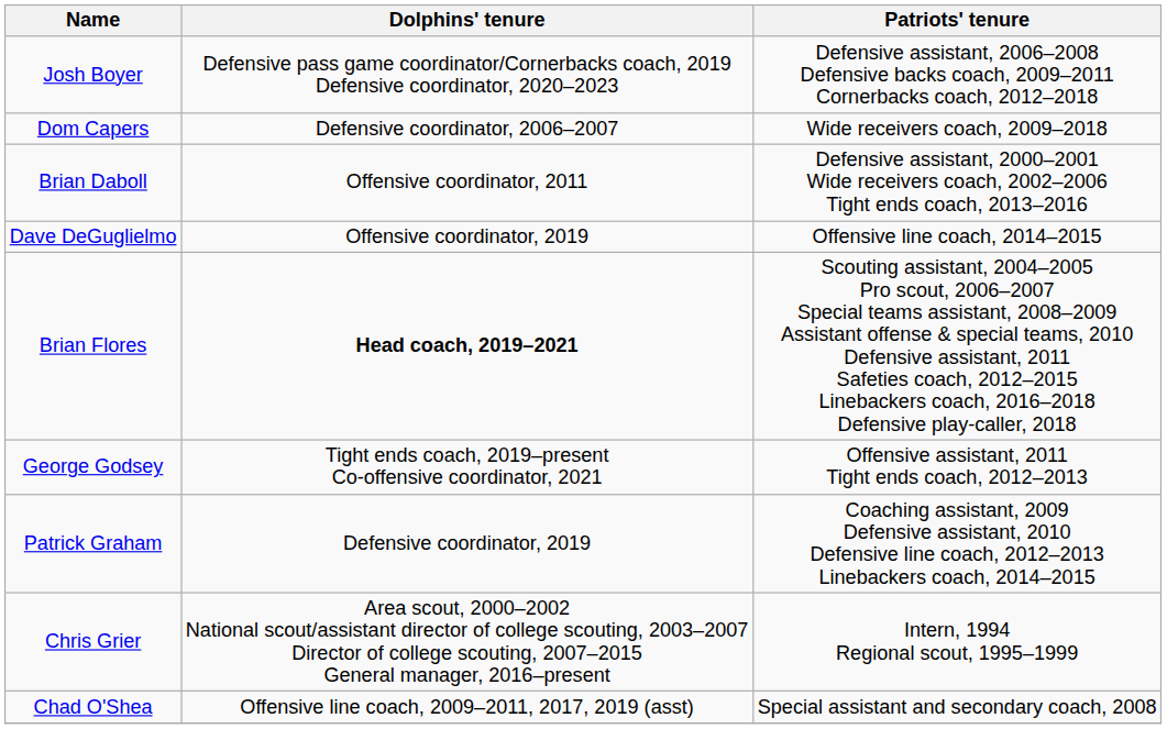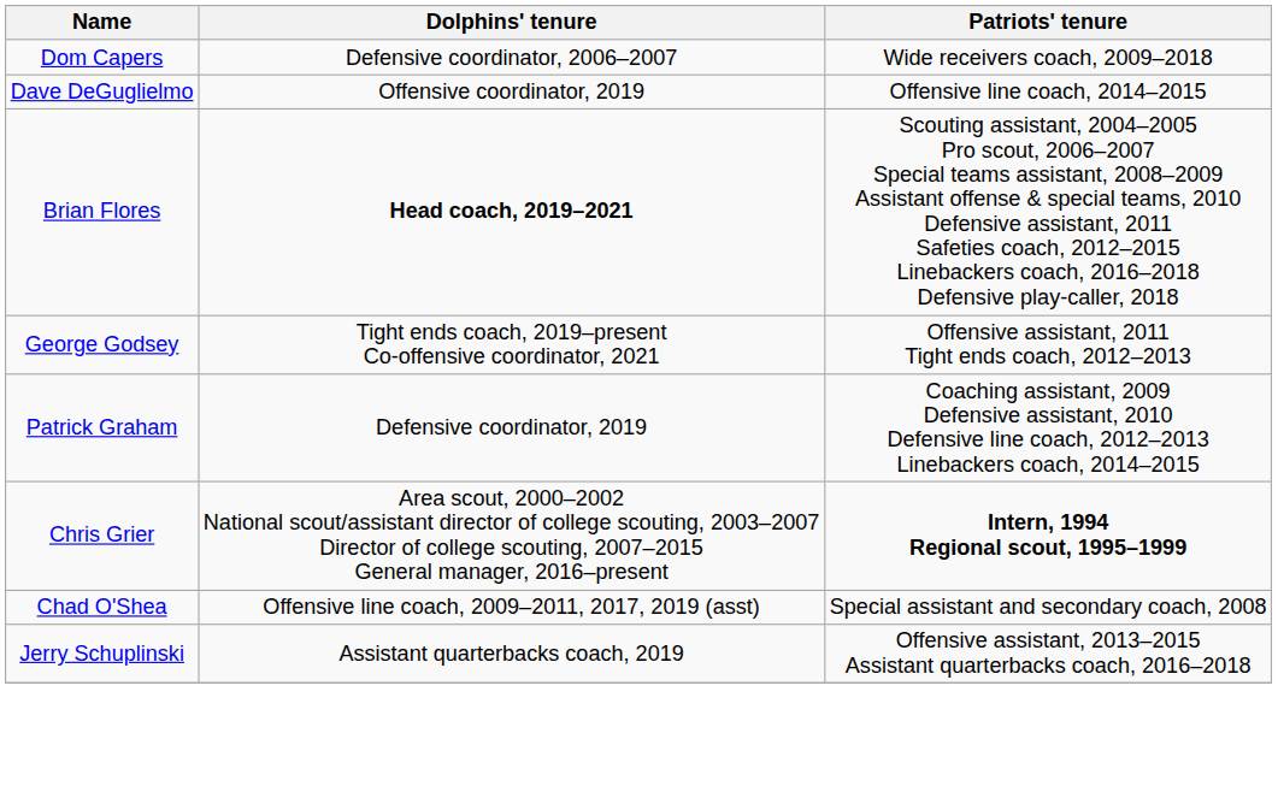 <table class="wikitable" style="text-align: center">
 <tr>
 <th>Name</th>
 <th>Dolphins' tenure</th>
 <th>Patriots' tenure</th>
 </tr>
 <tr>
-<td><a href='#'>Josh Boyer</a></td>
-<td>Defensive pass game coordinator/Cornerbacks coach, 2019<br>Defensive coordinator, 2020–2023</td>
-<td>Defensive assistant, 2006–2008<br>Defensive backs coach, 2009–2011<br>Cornerbacks coach, 2012–2018</td>
-</tr>
-<tr>
 <td><a href='#'>Dom Capers</a></td>
 <td>Defensive coordinator, 2006–2007</td>
 <td>Wide receivers coach, 2009–2018</td>
-</tr>
-<tr>
-<td><a href='#'>Brian Daboll</a></td>
-<td>Offensive coordinator, 2011</td>
-<td>Defensive assistant, 2000–2001<br>Wide receivers coach, 2002–2006<br>Tight ends coach, 2013–2016</td>
 </tr>
 <tr>
 <td><a href='#'>Dave DeGuglielmo</a></td>
 <td>Offensive coordinator, 2019</td>
 <td>Offensive line coach, 2014–2015</td>
 </tr>
 <tr>
 <td><a href='#'>Brian Flores</a></td>
 <td><strong>Head coach, 2019–2021</strong></td>
 <td>Scouting assistant, 2004–2005<br>Pro scout, 2006–2007<br>Special teams assistant, 2008–2009<br>Assistant offense & special teams, 2010<br>Defensive assistant, 2011<br>Safeties coach, 2012–2015<br>Linebackers coach, 2016–2018<br>Defensive play-caller, 2018</td>
 </tr>
 <tr>
 <td><a href='#'>George Godsey</a></td>
 <td>Tight ends coach, 2019–present<br>Co-offensive coordinator, 2021</td>
 <td>Offensive assistant, 2011<br>Tight ends coach, 2012–2013</td>
 </tr>
 <tr>
 <td><a href='#'>Patrick Graham</a></td>
 <td>Defensive coordinator, 2019</td>
 <td>Coaching assistant, 2009<br>Defensive assistant, 2010<br>Defensive line coach, 2012–2013<br>Linebackers coach, 2014–2015</td>
 </tr>
 <tr>
 <td><a href='#'>Chris Grier</a></td>
 <td>Area scout, 2000–2002<br>National scout/assistant director of college scouting, 2003–2007<br>Director of college scouting, 2007–2015<br>General manager, 2016–present</td>
-<td>Intern, 1994<br>Regional scout, 1995–1999</td>
+<td><strong>Intern, 1994<br>Regional scout, 1995–1999</strong></td>
 </tr>
 <tr>
 <td><a href='#'>Chad O'Shea</a></td>
 <td>Offensive line coach, 2009–2011, 2017, 2019 (asst)</td>
 <td>Special assistant and secondary coach, 2008</td>
 </tr>
 <tr>
+<td><a href='#'>Jerry Schuplinski</a></td>
+<td>Assistant quarterbacks coach, 2019</td>
+<td>Offensive assistant, 2013–2015<br>Assistant quarterbacks coach, 2016–2018</td>
+</tr>
+<tr>
 </tr>
 </table>
